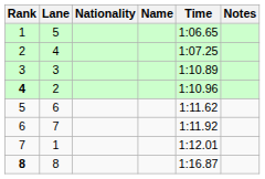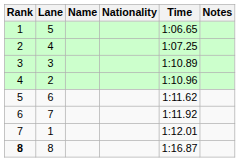 <table class="wikitable sortable" style="text-align:center">
 <tr>
 <th>Rank</th>
 <th>Lane</th>
+<th>Name</th>
 <th>Nationality</th>
-<th>Name</th>
 <th>Time</th>
 <th>Notes</th>
 </tr>
 <tr bgcolor=ccffcc>
 <td>1</td>
 <td>5</td>
 <td align=left></td>
 <td align=left></td>
 <td>1:06.65</td>
 <td><strong></strong> <strong></strong></td>
 </tr>
 <tr bgcolor=ccffcc>
 <td>2</td>
 <td>4</td>
 <td align=left></td>
 <td align=left></td>
 <td>1:07.25</td>
 <td><strong></strong></td>
 </tr>
 <tr bgcolor=ccffcc>
 <td>3</td>
 <td>3</td>
 <td align=left></td>
 <td align=left></td>
 <td>1:10.89</td>
 <td><strong></strong></td>
 </tr>
 <tr bgcolor=ccffcc>
-<td><strong>4</strong></td>
+<td>4</td>
 <td>2</td>
 <td align=left></td>
 <td align=left></td>
 <td>1:10.96</td>
 <td><strong></strong></td>
 </tr>
 <tr>
 <td>5</td>
 <td>6</td>
 <td align=left></td>
 <td align=left></td>
 <td>1:11.62</td>
 <td></td>
 </tr>
 <tr>
 <td>6</td>
 <td>7</td>
 <td align=left></td>
 <td align=left></td>
 <td>1:11.92</td>
 <td></td>
 </tr>
 <tr>
 <td>7</td>
 <td>1</td>
 <td align=left></td>
 <td align=left></td>
 <td>1:12.01</td>
 <td></td>
 </tr>
 <tr>
 <td><strong>8</strong></td>
 <td>8</td>
 <td align=left></td>
 <td align=left></td>
 <td>1:16.87</td>
 <td></td>
 </tr>
 </table>
